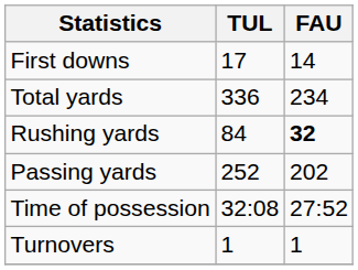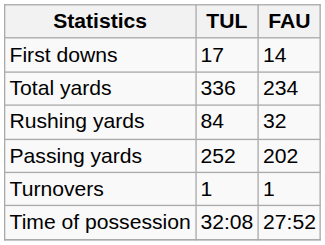 <table class="wikitable" style="float: left;">
 <tr>
 <th>Statistics</th>
 <th>TUL</th>
 <th>FAU</th>
 </tr>
 <tr>
 <td>First downs</td>
 <td>17</td>
 <td>14</td>
 </tr>
 <tr>
 <td>Total yards</td>
 <td>336</td>
 <td>234</td>
 </tr>
 <tr>
 <td>Rushing yards</td>
 <td>84</td>
-<td><strong>32</strong></td>
+<td>32</td>
 </tr>
 <tr>
 <td>Passing yards</td>
 <td>252</td>
 <td>202</td>
 </tr>
 <tr>
+<td>Turnovers</td>
+<td>1</td>
+<td>1</td>
+</tr>
+<tr>
 <td>Time of possession</td>
 <td>32:08</td>
 <td>27:52</td>
 </tr>
 <tr>
-<td>Turnovers</td>
-<td>1</td>
-<td>1</td>
-</tr>
-<tr>
 </tr>
 </table>
